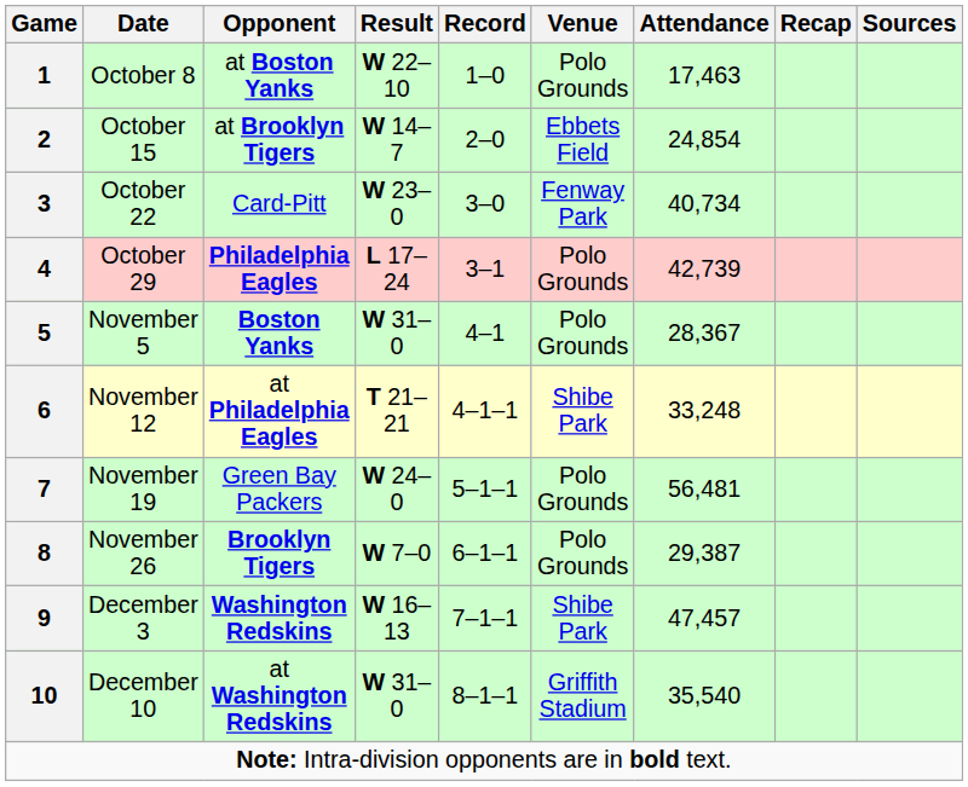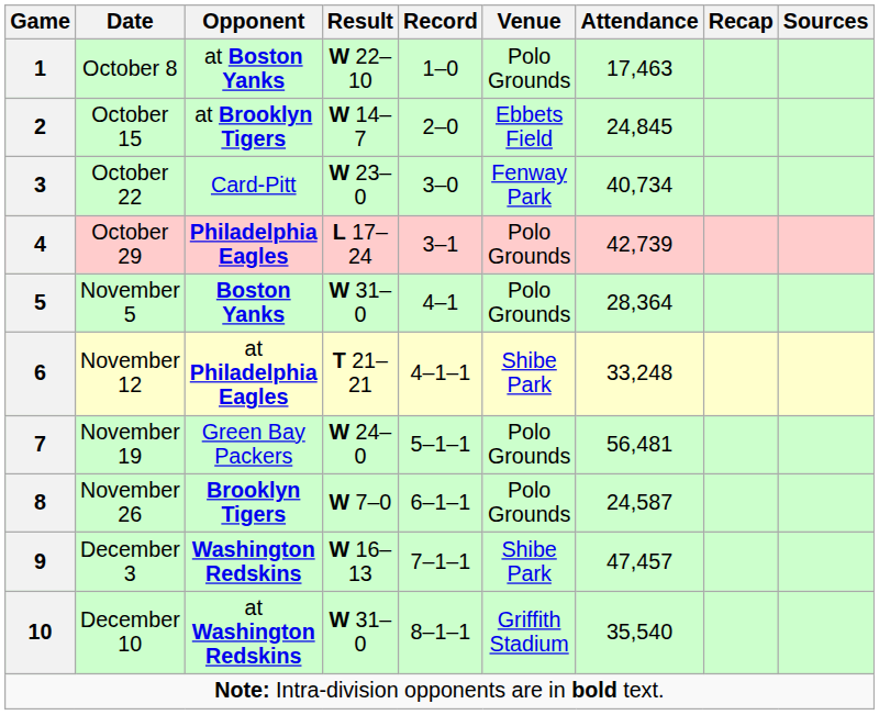 <table class="wikitable" style="text-align:center">
 <tr>
 <th>Game</th>
 <th>Date</th>
 <th>Opponent</th>
 <th>Result</th>
 <th>Record</th>
 <th>Venue</th>
 <th>Attendance</th>
 <th>Recap</th>
 <th>Sources</th>
 </tr>
 <tr style="background:#cfc">
 <th>1</th>
 <td>October 8</td>
 <td>at <strong><a href='#'>Boston Yanks</a></strong></td>
 <td><strong>W</strong> 22–10</td>
 <td>1–0</td>
 <td>Polo Grounds</td>
 <td>17,463</td>
 <td></td>
 <td></td>
 </tr>
 <tr style="background:#cfc">
 <th>2</th>
 <td>October 15</td>
 <td>at <strong><a href='#'>Brooklyn Tigers</a></strong></td>
 <td><strong>W</strong> 14–7</td>
 <td>2–0</td>
 <td><a href='#'>Ebbets Field</a></td>
-<td>24,854</td>
+<td>24,845</td>
 <td></td>
 <td></td>
 </tr>
 <tr style="background:#cfc">
 <th>3</th>
 <td>October 22</td>
 <td><a href='#'>Card-Pitt</a></td>
 <td><strong>W</strong> 23–0</td>
 <td>3–0</td>
 <td><a href='#'>Fenway Park</a></td>
 <td>40,734</td>
 <td></td>
 <td></td>
 </tr>
 <tr style="background:#fcc">
 <th>4</th>
 <td>October 29</td>
 <td><strong><a href='#'>Philadelphia Eagles</a></strong></td>
 <td><strong>L</strong> 17–24</td>
 <td>3–1</td>
 <td>Polo Grounds</td>
 <td>42,739</td>
 <td></td>
 <td></td>
 </tr>
 <tr style="background:#cfc">
 <th>5</th>
 <td>November 5</td>
 <td><strong><a href='#'>Boston Yanks</a></strong></td>
 <td><strong>W</strong> 31–0</td>
 <td>4–1</td>
 <td>Polo Grounds</td>
-<td>28,367</td>
+<td>28,364</td>
 <td></td>
 <td></td>
 </tr>
 <tr style="background:#ffc">
 <th>6</th>
 <td>November 12</td>
 <td>at <strong><a href='#'>Philadelphia Eagles</a></strong></td>
 <td><strong>T</strong> 21–21</td>
 <td>4–1–1</td>
 <td><a href='#'>Shibe Park</a></td>
 <td>33,248</td>
 <td></td>
 <td></td>
 </tr>
 <tr style="background:#cfc">
 <th>7</th>
 <td>November 19</td>
 <td><a href='#'>Green Bay Packers</a></td>
 <td><strong>W</strong> 24–0</td>
 <td>5–1–1</td>
 <td>Polo Grounds</td>
 <td>56,481</td>
 <td></td>
 <td></td>
 </tr>
 <tr style="background:#cfc">
 <th>8</th>
 <td>November 26</td>
 <td><strong><a href='#'>Brooklyn Tigers</a></strong></td>
 <td><strong>W</strong> 7–0</td>
 <td>6–1–1</td>
 <td>Polo Grounds</td>
-<td>29,387</td>
+<td>24,587</td>
 <td></td>
 <td></td>
 </tr>
 <tr style="background:#cfc">
 <th>9</th>
 <td>December 3</td>
 <td><strong><a href='#'>Washington Redskins</a></strong></td>
 <td><strong>W</strong> 16–13</td>
 <td>7–1–1</td>
 <td><a href='#'>Shibe Park</a></td>
 <td>47,457</td>
 <td></td>
 <td></td>
 </tr>
 <tr style="background:#cfc">
 <th>10</th>
 <td>December 10</td>
 <td>at <strong><a href='#'>Washington Redskins</a></strong></td>
 <td><strong>W</strong> 31–0</td>
 <td>8–1–1</td>
 <td><a href='#'>Griffith Stadium</a></td>
 <td>35,540</td>
 <td></td>
 <td></td>
 </tr>
 <tr>
 <td colspan="10"><strong>Note:</strong> Intra-division opponents are in <strong>bold</strong> text.</td>
 </tr>
 </table>
